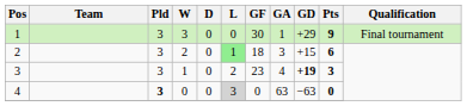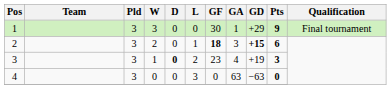 <table class="wikitable" border="1" style="text-align: center;">
 <tr>
 <th width="25"><abbr>Pos</abbr></th>
 <th width="150">Team</th>
 <th width="25"><abbr>Pld</abbr></th>
 <th width="25"><abbr>W</abbr></th>
 <th width="25"><abbr>D</abbr></th>
 <th width="25"><abbr>L</abbr></th>
 <th width="25"><abbr>GF</abbr></th>
 <th width="25"><abbr>GA</abbr></th>
 <th width="25"><abbr>GD</abbr></th>
 <th width="25"><abbr>Pts</abbr></th>
 <th width="150">Qualification</th>
 </tr>
 <tr bgcolor= #D0F0C0>
 <td>1</td>
 <td align="left"></td>
 <td>3</td>
 <td>3</td>
 <td>0</td>
 <td>0</td>
 <td>30</td>
 <td>1</td>
 <td>+29</td>
 <td><strong>9</strong></td>
 <td>Final tournament</td>
 </tr>
 <tr>
 <td>2</td>
 <td align="left"></td>
 <td>3</td>
 <td>2</td>
 <td>0</td>
-<td style="background: lightgreen;">1</td>
-<td>18</td>
+<td>1</td>
+<td><strong>18</strong></td>
 <td>3</td>
-<td>+15</td>
+<td><strong>+15</strong></td>
 <td><strong>6</strong></td>
 </tr>
 <tr>
 <td>3</td>
 <td align="left"></td>
 <td>3</td>
 <td>1</td>
-<td>0</td>
+<td><strong>0</strong></td>
 <td>2</td>
 <td>23</td>
 <td>4</td>
-<td><strong>+19</strong></td>
+<td>+19</td>
 <td><strong>3</strong></td>
 </tr>
 <tr>
 <td>4</td>
 <td align="left"></td>
-<td><strong>3</strong></td>
+<td>3</td>
 <td>0</td>
 <td>0</td>
-<td style="background: lightgrey;">3</td>
+<td>3</td>
 <td>0</td>
 <td>63</td>
 <td>−63</td>
 <td><strong>0</strong></td>
 </tr>
 <tr>
 </tr>
 </table>
